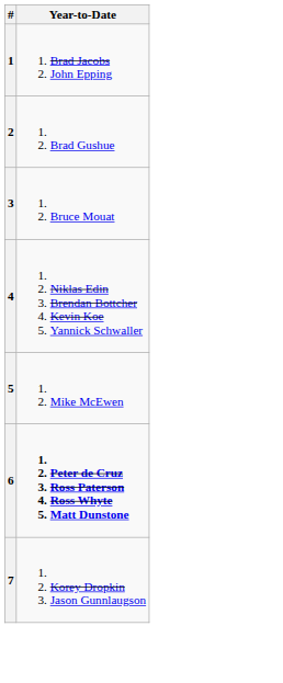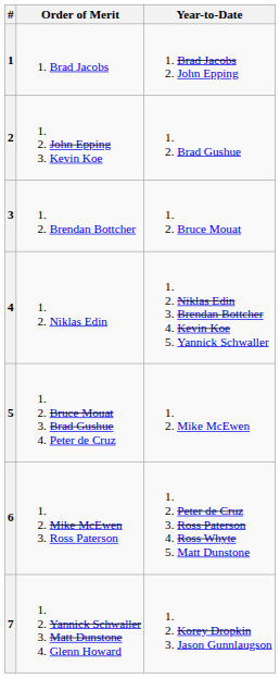 <table class=wikitable>
 <tr>
 <th>#</th>
+<th>Order of Merit</th>
 <th>Year-to-Date</th>
 </tr>
 <tr>
 <th>1</th>
+<td><br><ol><li> <a href='#'>Brad Jacobs</a></li></ol></td>
 <td><br><ol><li> <s><a href='#'>Brad Jacobs</a></s></li><li> <a href='#'>John Epping</a></li></ol></td>
 </tr>
 <tr>
 <th>2</th>
+<td><br><ol><li><li> <s><a href='#'>John Epping</a></s></li><li> <a href='#'>Kevin Koe</a></li></ol></td>
 <td><br><ol><li><li> <a href='#'>Brad Gushue</a></li></ol></td>
 </tr>
 <tr>
 <th>3</th>
+<td><br><ol><li><li> <a href='#'>Brendan Bottcher</a></li></ol></td>
 <td><br><ol><li><li> <a href='#'>Bruce Mouat</a></li></ol></td>
 </tr>
 <tr>
 <th>4</th>
+<td><br><ol><li><li> <a href='#'>Niklas Edin</a></li></ol></td>
 <td><br><ol><li><li> <s><a href='#'>Niklas Edin</a></s></li><li> <s><a href='#'>Brendan Bottcher</a></s></li><li> <s><a href='#'>Kevin Koe</a></s></li><li> <a href='#'>Yannick Schwaller</a></li></ol></td>
 </tr>
 <tr>
 <th>5</th>
+<td><br><ol><li><li> <s><a href='#'>Bruce Mouat</a></s></li><li> <s><a href='#'>Brad Gushue</a></s></li><li> <a href='#'>Peter de Cruz</a></li></ol></td>
 <td><br><ol><li><li> <a href='#'>Mike McEwen</a></li></ol></td>
 </tr>
 <tr>
 <th>6</th>
-<td><strong><br><ol><li><li> <s><a href='#'>Peter de Cruz</a></s></li><li> <s><a href='#'>Ross Paterson</a></s></li><li> <s><a href='#'>Ross Whyte</a></s></li><li> <a href='#'>Matt Dunstone</a></li></ol></strong></td>
+<td><br><ol><li><li> <s><a href='#'>Mike McEwen</a></s></li><li> <a href='#'>Ross Paterson</a></li></ol></td>
+<td><br><ol><li><li> <s><a href='#'>Peter de Cruz</a></s></li><li> <s><a href='#'>Ross Paterson</a></s></li><li> <s><a href='#'>Ross Whyte</a></s></li><li> <a href='#'>Matt Dunstone</a></li></ol></td>
 </tr>
 <tr>
 <th>7</th>
+<td><br><ol><li><li> <s><a href='#'>Yannick Schwaller</a></s></li><li> <s><a href='#'>Matt Dunstone</a></s></li><li> <a href='#'>Glenn Howard</a></li></ol></td>
 <td><br><ol><li><li> <s><a href='#'>Korey Dropkin</a></s></li><li> <a href='#'>Jason Gunnlaugson</a></li></ol></td>
 </tr>
 </table>
